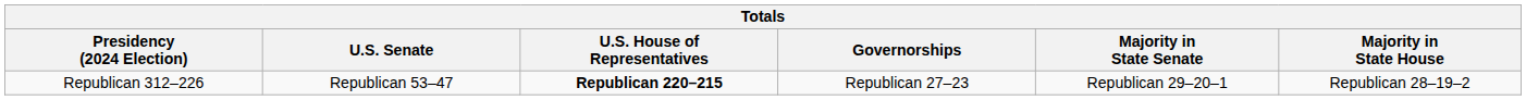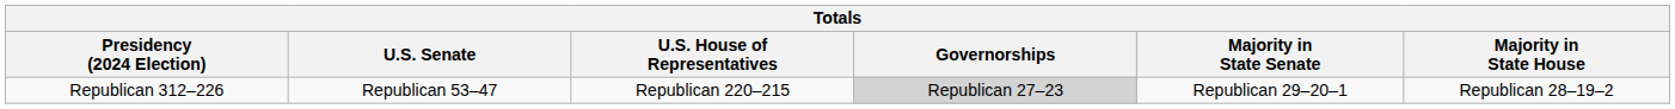 <table class="wikitable" width="100%">
 <tr align=center>
 <th colspan=6>Totals</th>
 </tr>
 <tr align=center>
 <th width="17%">Presidency<br>(2024 Election)</th>
 <th width="17%">U.S. Senate</th>
 <th width="17%">U.S. House of<br>Representatives</th>
 <th width="17%">Governorships</th>
 <th width="16%">Majority in<br>State Senate</th>
 <th width="16%">Majority in<br>State House</th>
 </tr>
 <tr align=center>
 <td>Republican 312–226</td>
 <td>Republican 53–47</td>
-<td><strong>Republican 220–215</strong></td>
-<td>Republican 27–23</td>
+<td>Republican 220–215</td>
+<td style="background: lightgrey;">Republican 27–23</td>
 <td>Republican 29–20–1</td>
 <td>Republican 28–19–2</td>
 </tr>
 </table>
